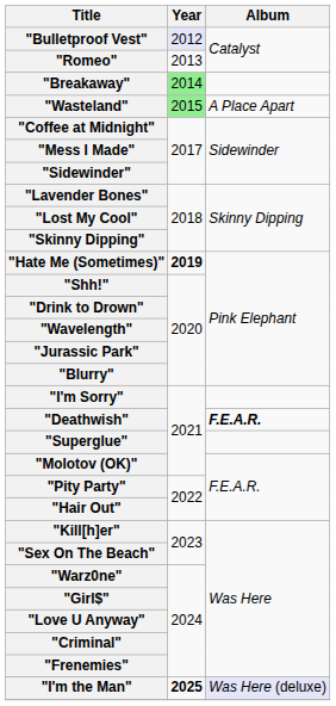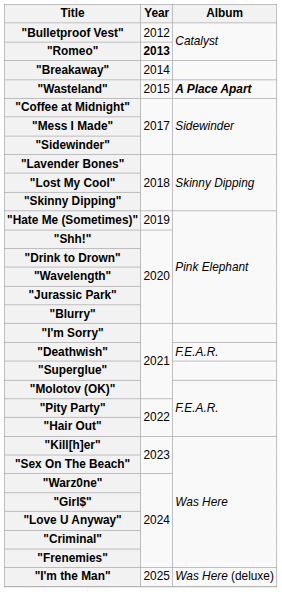 <table class="wikitable plainrowheaders">
 <tr>
 <th>Title</th>
 <th>Year</th>
 <th>Album</th>
 </tr>
 <tr>
 <th scope="row">"Bulletproof Vest"</th>
-<td style="background: lavender;">2012</td>
+<td>2012</td>
 <td rowspan="2"><em>Catalyst</em></td>
 </tr>
 <tr>
 <th scope="row">"Romeo"</th>
-<td>2013</td>
+<td><strong>2013</strong></td>
 </tr>
 <tr>
 <th scope="row">"Breakaway"</th>
-<td style="background: lightgreen;">2014</td>
+<td>2014</td>
 <td></td>
 </tr>
 <tr>
 <th scope="row">"Wasteland"</th>
-<td style="background: lightgreen;">2015</td>
-<td><em>A Place Apart</em></td>
+<td>2015</td>
+<td><strong><em>A Place Apart</em></strong></td>
 </tr>
 <tr>
 <th scope="row">"Coffee at Midnight"</th>
 <td rowspan="3">2017</td>
 <td rowspan="3"><em>Sidewinder</em></td>
 </tr>
 <tr>
 <th scope="row">"Mess I Made"</th>
 </tr>
 <tr>
 <th scope="row">"Sidewinder"</th>
 </tr>
 <tr>
 <th scope="row">"Lavender Bones"</th>
 <td rowspan="3">2018</td>
 <td rowspan="3"><em>Skinny Dipping</em></td>
 </tr>
 <tr>
 <th scope="row">"Lost My Cool"</th>
 </tr>
 <tr>
 <th scope="row">"Skinny Dipping"</th>
 </tr>
 <tr>
 <th scope="row">"Hate Me (Sometimes)"</th>
-<td><strong>2019</strong></td>
+<td>2019</td>
 <td rowspan="6"><em>Pink Elephant</em></td>
 </tr>
 <tr>
 <th scope="row">"Shh!"</th>
 <td rowspan="5">2020</td>
 </tr>
 <tr>
 <th scope="row">"Drink to Drown"</th>
 </tr>
 <tr>
 <th scope="row">"Wavelength"</th>
 </tr>
 <tr>
 <th scope="row">"Jurassic Park"</th>
 </tr>
 <tr>
 <th scope="row">"Blurry"</th>
 </tr>
 <tr>
 <th scope="row">"I'm Sorry"<br></th>
 <td rowspan="4">2021</td>
 <td></td>
 </tr>
 <tr>
 <th scope="row">"Deathwish"<br></th>
-<td><strong><em>F.E.A.R.</em></strong></td>
+<td><em>F.E.A.R.</em></td>
 </tr>
 <tr>
 <th scope="row">"Superglue"<br></th>
 <td></td>
 </tr>
 <tr>
 <th scope="row">"Molotov (OK)"</th>
 <td rowspan="3"><em>F.E.A.R.</em></td>
 </tr>
 <tr>
 <th scope="row">"Pity Party"<br></th>
 <td rowspan="2">2022</td>
 </tr>
 <tr>
 <th scope="row">"Hair Out"</th>
 </tr>
 <tr>
 <th scope="row">"Kill[h]er"</th>
 <td rowspan="2">2023</td>
 <td rowspan="7"><em>Was Here</em></td>
 </tr>
 <tr>
 <th scope="row">"Sex On The Beach"</th>
 </tr>
 <tr>
 <th scope="row">"Warz0ne"</th>
 <td rowspan="5">2024</td>
 </tr>
 <tr>
 <th scope="row">"Girl$"<br></th>
 </tr>
 <tr>
 <th scope="row">"Love U Anyway"</th>
 </tr>
 <tr>
 <th scope="row">"Criminal"<br></th>
 </tr>
 <tr>
 <th scope="row">"Frenemies"</th>
 </tr>
 <tr>
 <th scope="row">"I'm the Man"<br></th>
-<td><strong>2025</strong></td>
-<td style="background: lavender;"><em>Was Here</em> (deluxe)</td>
+<td>2025</td>
+<td><em>Was Here</em> (deluxe)</td>
 </tr>
 <tr>
 </tr>
 </table>
